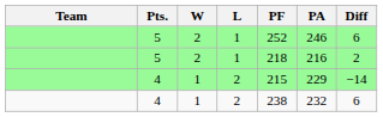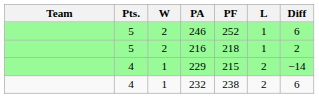 <table class=wikitable>
 <tr align=center>
 <th width=150px>Team</th>
 <th width=40px>Pts.</th>
 <th width=40px>W</th>
+<th width=40px>PA</th>
+<th width=40px>PF</th>
 <th width=40px>L</th>
-<th width=40px>PF</th>
-<th width=40px>PA</th>
 <th width=40px>Diff</th>
 </tr>
 <tr align=center |- bgcolor="#98fb98">
 <td align=left></td>
 <td>5</td>
 <td>2</td>
+<td>246</td>
+<td>252</td>
 <td>1</td>
-<td>252</td>
-<td>246</td>
 <td>6</td>
 </tr>
 <tr align=center |- bgcolor="#98fb98">
 <td align=left></td>
 <td>5</td>
 <td>2</td>
+<td>216</td>
+<td>218</td>
 <td>1</td>
-<td>218</td>
-<td>216</td>
 <td>2</td>
 </tr>
 <tr align=center |- bgcolor="#98fb98">
 <td align=left></td>
 <td>4</td>
 <td>1</td>
+<td>229</td>
+<td>215</td>
 <td>2</td>
-<td>215</td>
-<td>229</td>
 <td>−14</td>
 </tr>
 <tr align=center>
 <td align=left></td>
 <td>4</td>
 <td>1</td>
+<td>232</td>
+<td>238</td>
 <td>2</td>
-<td>238</td>
-<td>232</td>
 <td>6</td>
 </tr>
 </table>
